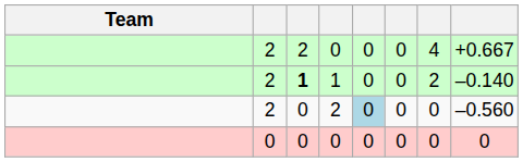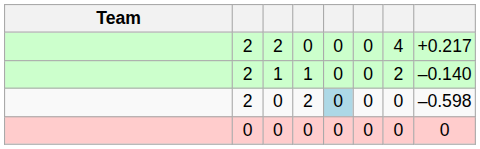 <table class="wikitable" style="text-align:center">
 <tr>
 <th width=200>Team</th>
 <th width=20></th>
 <th width=20></th>
 <th width=20></th>
 <th width=20></th>
 <th width=20></th>
 <th width=20></th>
 <th width=45></th>
 </tr>
 <tr style="background:#cfc">
 <td align="left"></td>
 <td>2</td>
 <td>2</td>
 <td>0</td>
 <td>0</td>
 <td>0</td>
 <td>4</td>
-<td>+0.667</td>
+<td>+0.217</td>
 </tr>
 <tr style="background:#cfc">
 <td align="left"></td>
 <td>2</td>
-<td><strong>1</strong></td>
+<td>1</td>
 <td>1</td>
 <td>0</td>
 <td>0</td>
 <td>2</td>
 <td>–0.140</td>
 </tr>
 <tr>
 <td align="left"></td>
 <td>2</td>
 <td>0</td>
 <td>2</td>
 <td style="background: lightblue;">0</td>
 <td>0</td>
 <td>0</td>
-<td>–0.560</td>
+<td>–0.598</td>
 </tr>
 <tr style="background: #ffcccc;">
 <td align="left"></td>
 <td>0</td>
 <td>0</td>
 <td>0</td>
 <td>0</td>
 <td>0</td>
 <td>0</td>
 <td>0</td>
 </tr>
 </table>
